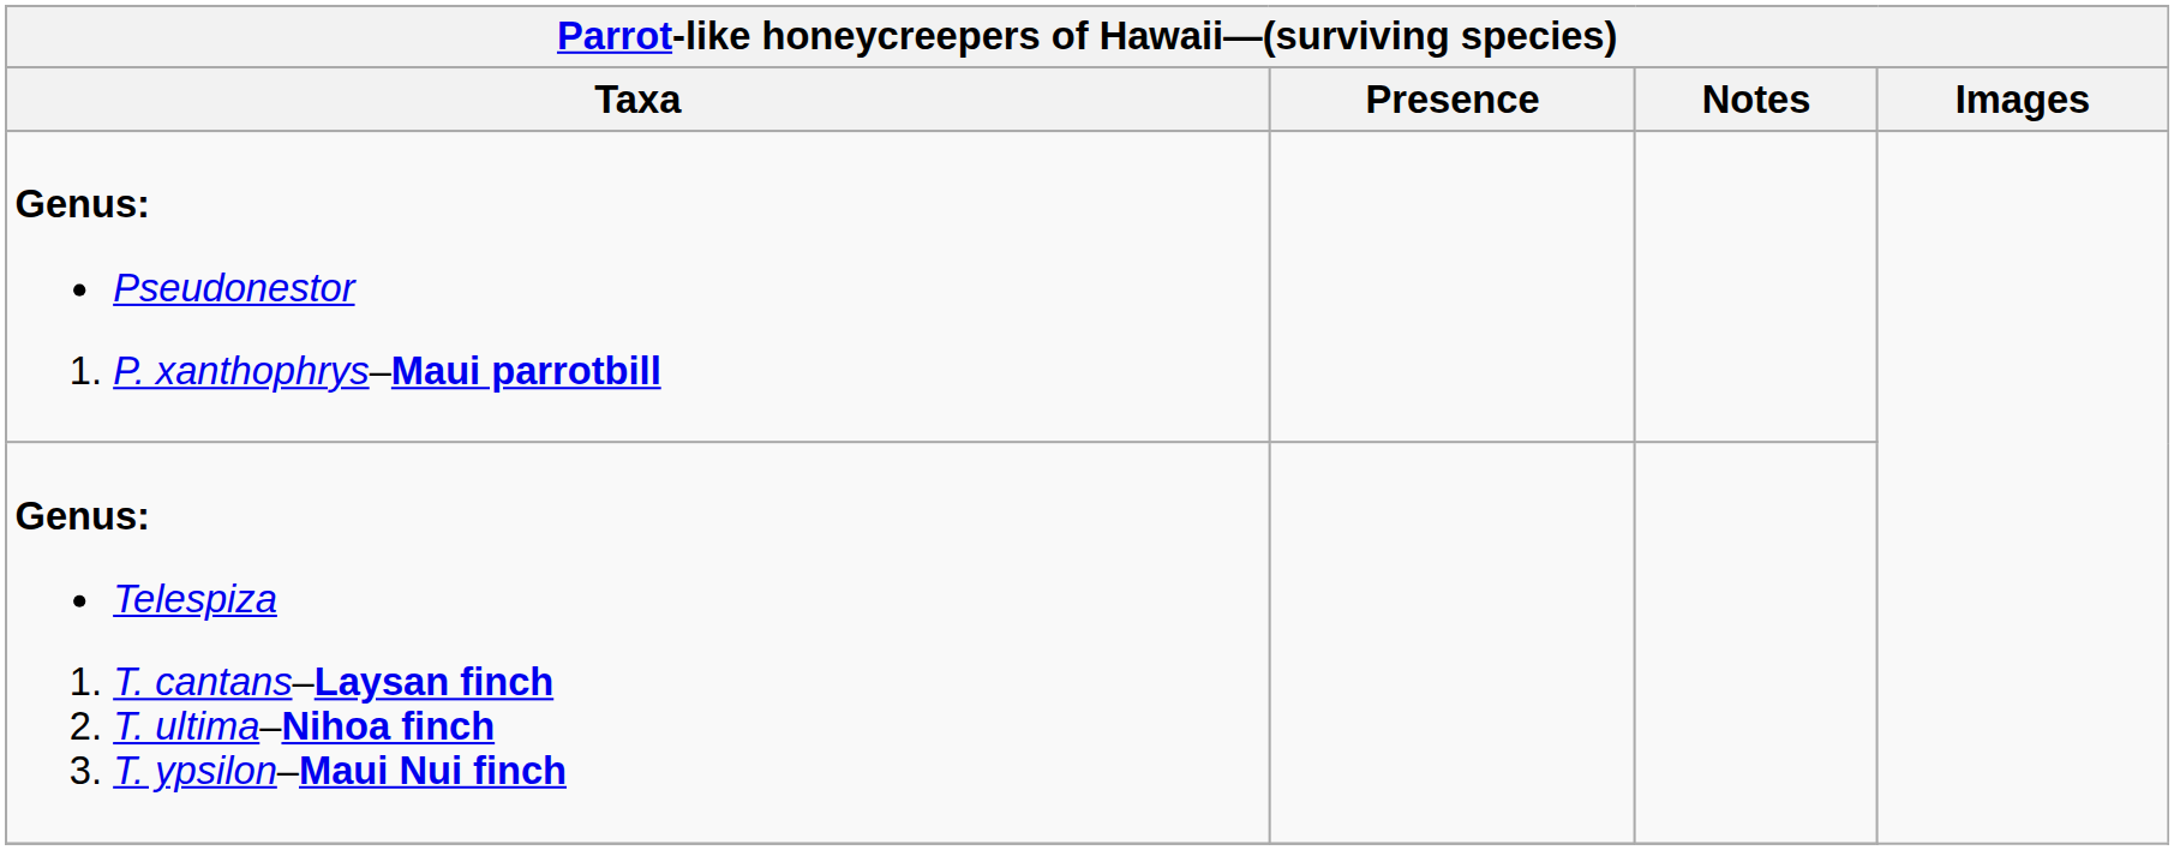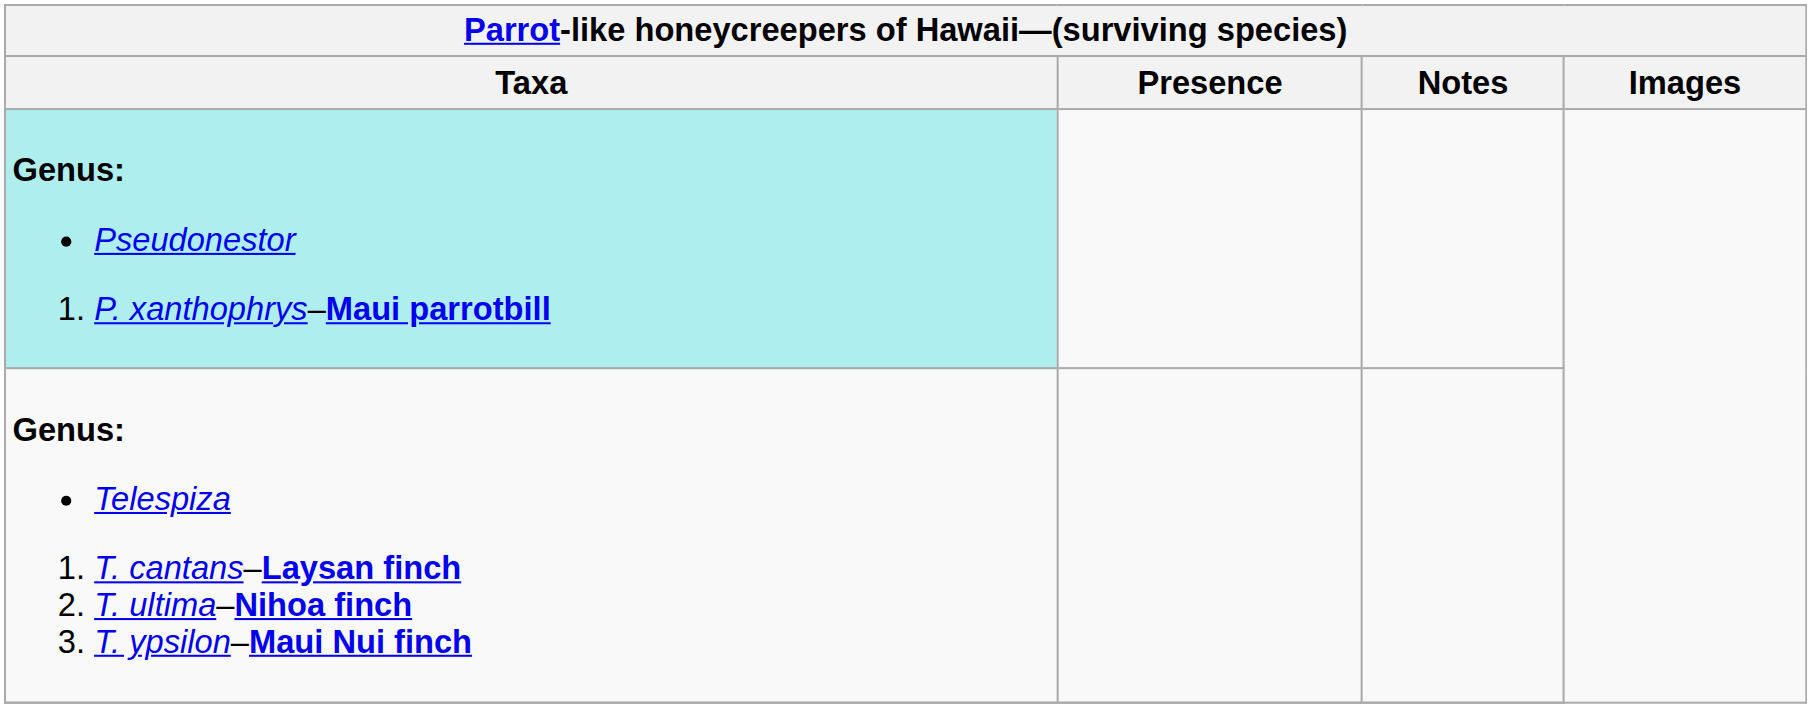 <table class="wikitable" align="center" width="100%">
 <tr>
 <th colspan="5" align="center"><a href='#'>Parrot</a>-like honeycreepers of Hawaii—(surviving species)</th>
 </tr>
 <tr>
 <th>Taxa</th>
 <th>Presence</th>
 <th>Notes</th>
 <th>Images</th>
 </tr>
 <tr>
-<td><br><strong>Genus:</strong><ul><li><em><a href='#'>Pseudonestor</a></em></li></ul><ol><li><em><a href='#'>P. xanthophrys</a></em>–<strong><a href='#'>Maui parrotbill</a></strong></li></ol></td>
+<td style="background: paleturquoise;"><br><strong>Genus:</strong><ul><li><em><a href='#'>Pseudonestor</a></em></li></ul><ol><li><em><a href='#'>P. xanthophrys</a></em>–<strong><a href='#'>Maui parrotbill</a></strong></li></ol></td>
 <td></td>
 <td></td>
 <td rowspan="99"><br><br></td>
 </tr>
 <tr>
 <td><br><strong>Genus:</strong><ul><li><em><a href='#'>Telespiza</a></em></li></ul><ol><li><em><a href='#'>T. cantans</a></em>–<strong><a href='#'>Laysan finch</a></strong></li><li><em><a href='#'>T. ultima</a></em>–<strong><a href='#'>Nihoa finch</a></strong></li><li><em><a href='#'>T. ypsilon</a></em>–<strong><a href='#'>Maui Nui finch</a></strong></li></ol></td>
 <td></td>
 <td></td>
 </tr>
 <tr>
 </tr>
 </table>
